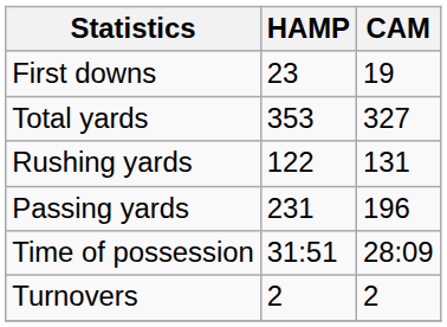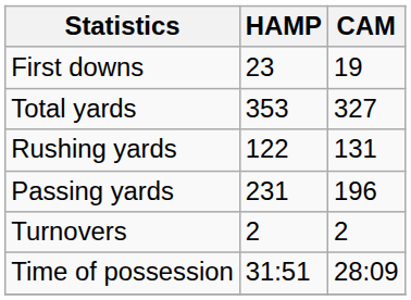 <table class="wikitable" style="float: left;">
 <tr>
 <th>Statistics</th>
 <th>HAMP</th>
 <th>CAM</th>
 </tr>
 <tr>
 <td>First downs</td>
 <td>23</td>
 <td>19</td>
 </tr>
 <tr>
 <td>Total yards</td>
 <td>353</td>
 <td>327</td>
 </tr>
 <tr>
 <td>Rushing yards</td>
 <td>122</td>
 <td>131</td>
 </tr>
 <tr>
 <td>Passing yards</td>
 <td>231</td>
 <td>196</td>
 </tr>
 <tr>
+<td>Turnovers</td>
+<td>2</td>
+<td>2</td>
+</tr>
+<tr>
 <td>Time of possession</td>
 <td>31:51</td>
 <td>28:09</td>
 </tr>
 <tr>
-<td>Turnovers</td>
-<td>2</td>
-<td>2</td>
-</tr>
-<tr>
 </tr>
 </table>
